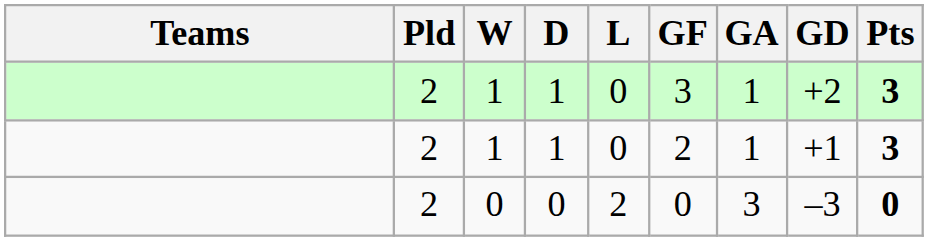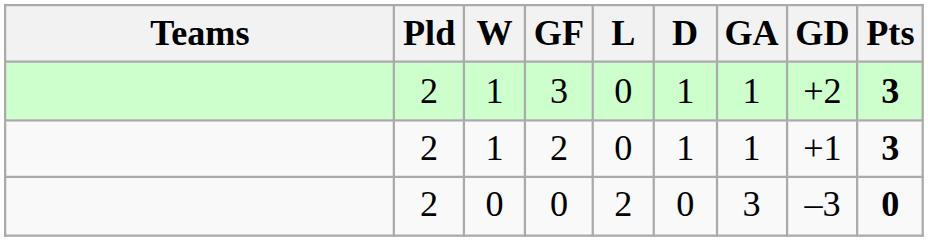 <table class="wikitable" style="text-align: center;">
 <tr>
 <th width=165>Teams</th>
 <th width=20>Pld</th>
 <th width=20>W</th>
+<th width=20>GF</th>
+<th width=20>L</th>
 <th width=20>D</th>
-<th width=20>L</th>
-<th width=20>GF</th>
 <th width=20>GA</th>
 <th width=20>GD</th>
 <th width=20>Pts</th>
 </tr>
 <tr align=center style="background:#ccffcc;">
 <td style="text-align:left;"></td>
 <td>2</td>
 <td>1</td>
+<td>3</td>
+<td>0</td>
 <td>1</td>
-<td>0</td>
-<td>3</td>
 <td>1</td>
 <td>+2</td>
 <td><strong>3</strong></td>
 </tr>
 <tr align=center>
 <td style="text-align:left;"></td>
 <td>2</td>
 <td>1</td>
+<td>2</td>
+<td>0</td>
 <td>1</td>
-<td>0</td>
-<td>2</td>
 <td>1</td>
 <td>+1</td>
 <td><strong>3</strong></td>
 </tr>
 <tr align=center>
 <td style="text-align:left;"></td>
 <td>2</td>
 <td>0</td>
 <td>0</td>
 <td>2</td>
 <td>0</td>
 <td>3</td>
 <td>–3</td>
 <td><strong>0</strong></td>
 </tr>
 </table>
